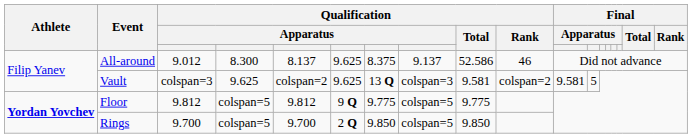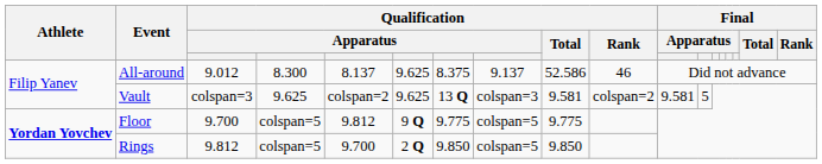 <table class="wikitable" style="font-size:90%">
 <tr>
 <th rowspan="3">Athlete</th>
 <th rowspan="3">Event</th>
 <th colspan=8>Qualification</th>
 <th colspan=8>Final</th>
 </tr>
 <tr style="font-size:95%">
 <th colspan = "6">Apparatus</th>
 <th rowspan=2>Total</th>
 <th rowspan=2>Rank</th>
 <th colspan = "6">Apparatus</th>
 <th rowspan=2>Total</th>
 <th rowspan=2>Rank</th>
 </tr>
 <tr style="font-size:95%">
 <th></th>
 <th></th>
 <th></th>
 <th></th>
 <th></th>
 <th></th>
 <th></th>
 <th></th>
 <th></th>
 <th></th>
 <th></th>
 <th></th>
 </tr>
 <tr align=center>
 <td align=left rowspan=2><a href='#'>Filip Yanev</a></td>
 <td align=left><a href='#'>All-around</a></td>
 <td>9.012</td>
 <td>8.300</td>
 <td>8.137</td>
 <td>9.625</td>
 <td>8.375</td>
 <td>9.137</td>
 <td>52.586</td>
 <td>46</td>
 <td colspan=8>Did not advance</td>
 </tr>
 <tr align=center>
 <td align=left><a href='#'>Vault</a></td>
 <td>colspan=3 </td>
 <td>9.625</td>
 <td>colspan=2 </td>
 <td>9.625</td>
 <td>13 <strong>Q</strong></td>
 <td>colspan=3 </td>
 <td>9.581</td>
 <td>colspan=2 </td>
 <td>9.581</td>
 <td>5</td>
 </tr>
 <tr align=center>
 <td align=left rowspan=2><strong><a href='#'>Yordan Yovchev</a></strong></td>
 <td align=left><a href='#'>Floor</a></td>
-<td>9.812</td>
+<td>9.700</td>
 <td>colspan=5 </td>
 <td>9.812</td>
 <td>9 <strong>Q</strong></td>
 <td>9.775</td>
 <td>colspan=5 </td>
 <td>9.775</td>
 <td></td>
 </tr>
 <tr align=center>
 <td align=left><a href='#'>Rings</a></td>
-<td>9.700</td>
+<td>9.812</td>
 <td>colspan=5 </td>
 <td>9.700</td>
 <td>2 <strong>Q</strong></td>
 <td>9.850</td>
 <td>colspan=5 </td>
 <td>9.850</td>
 <td></td>
 </tr>
 </table>
